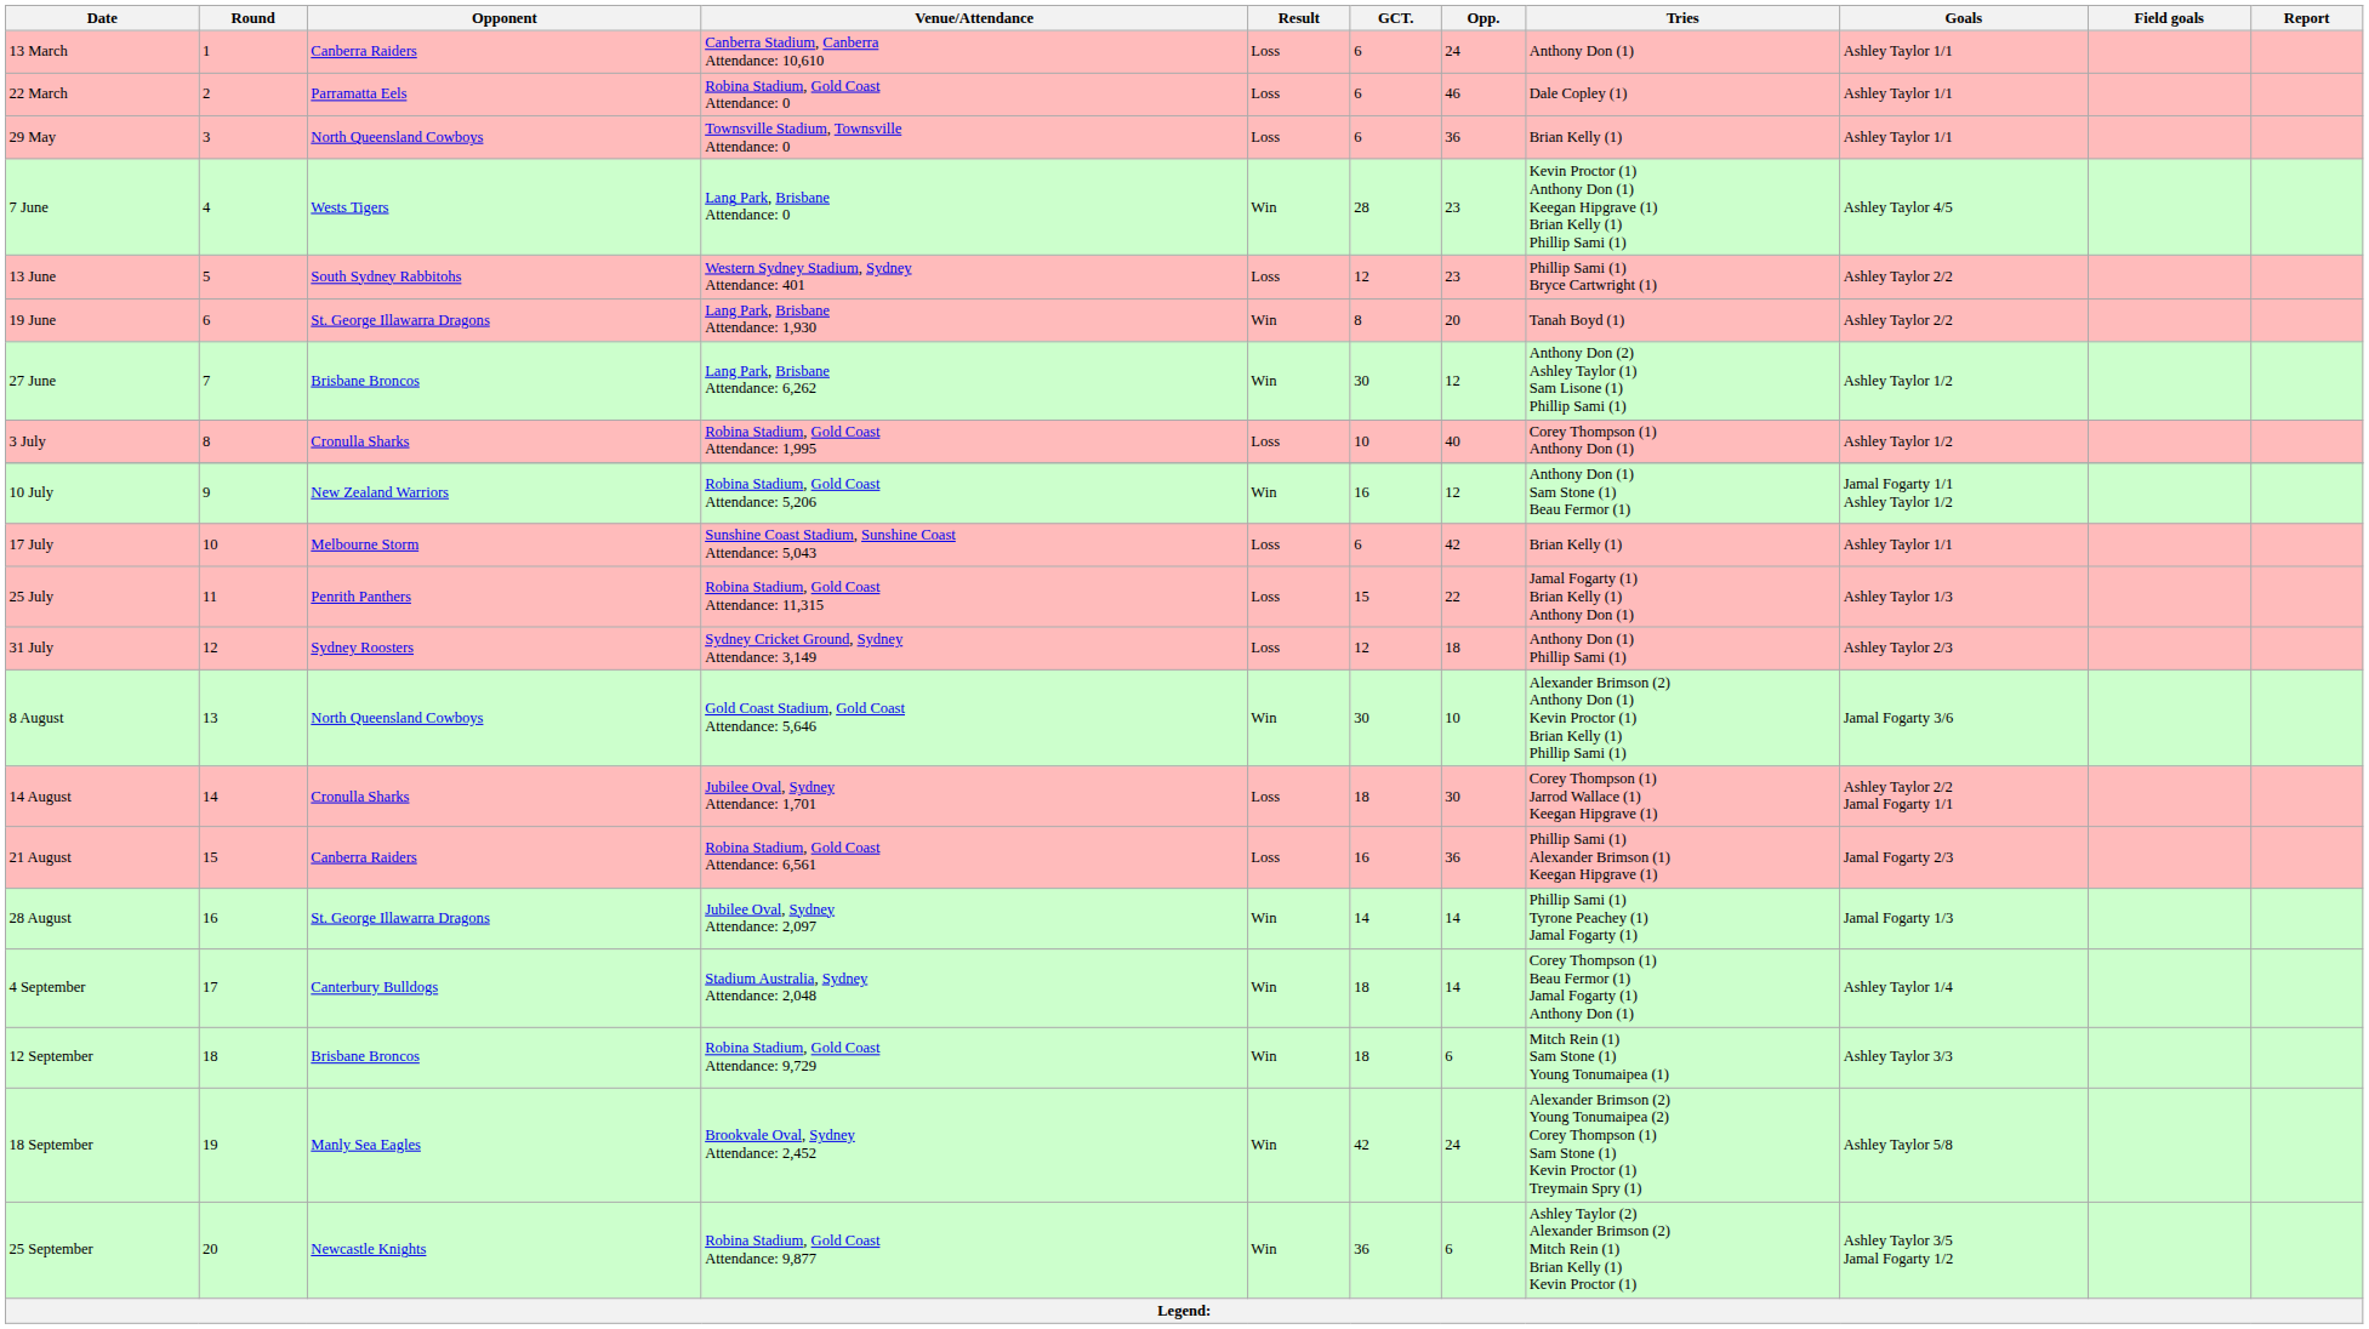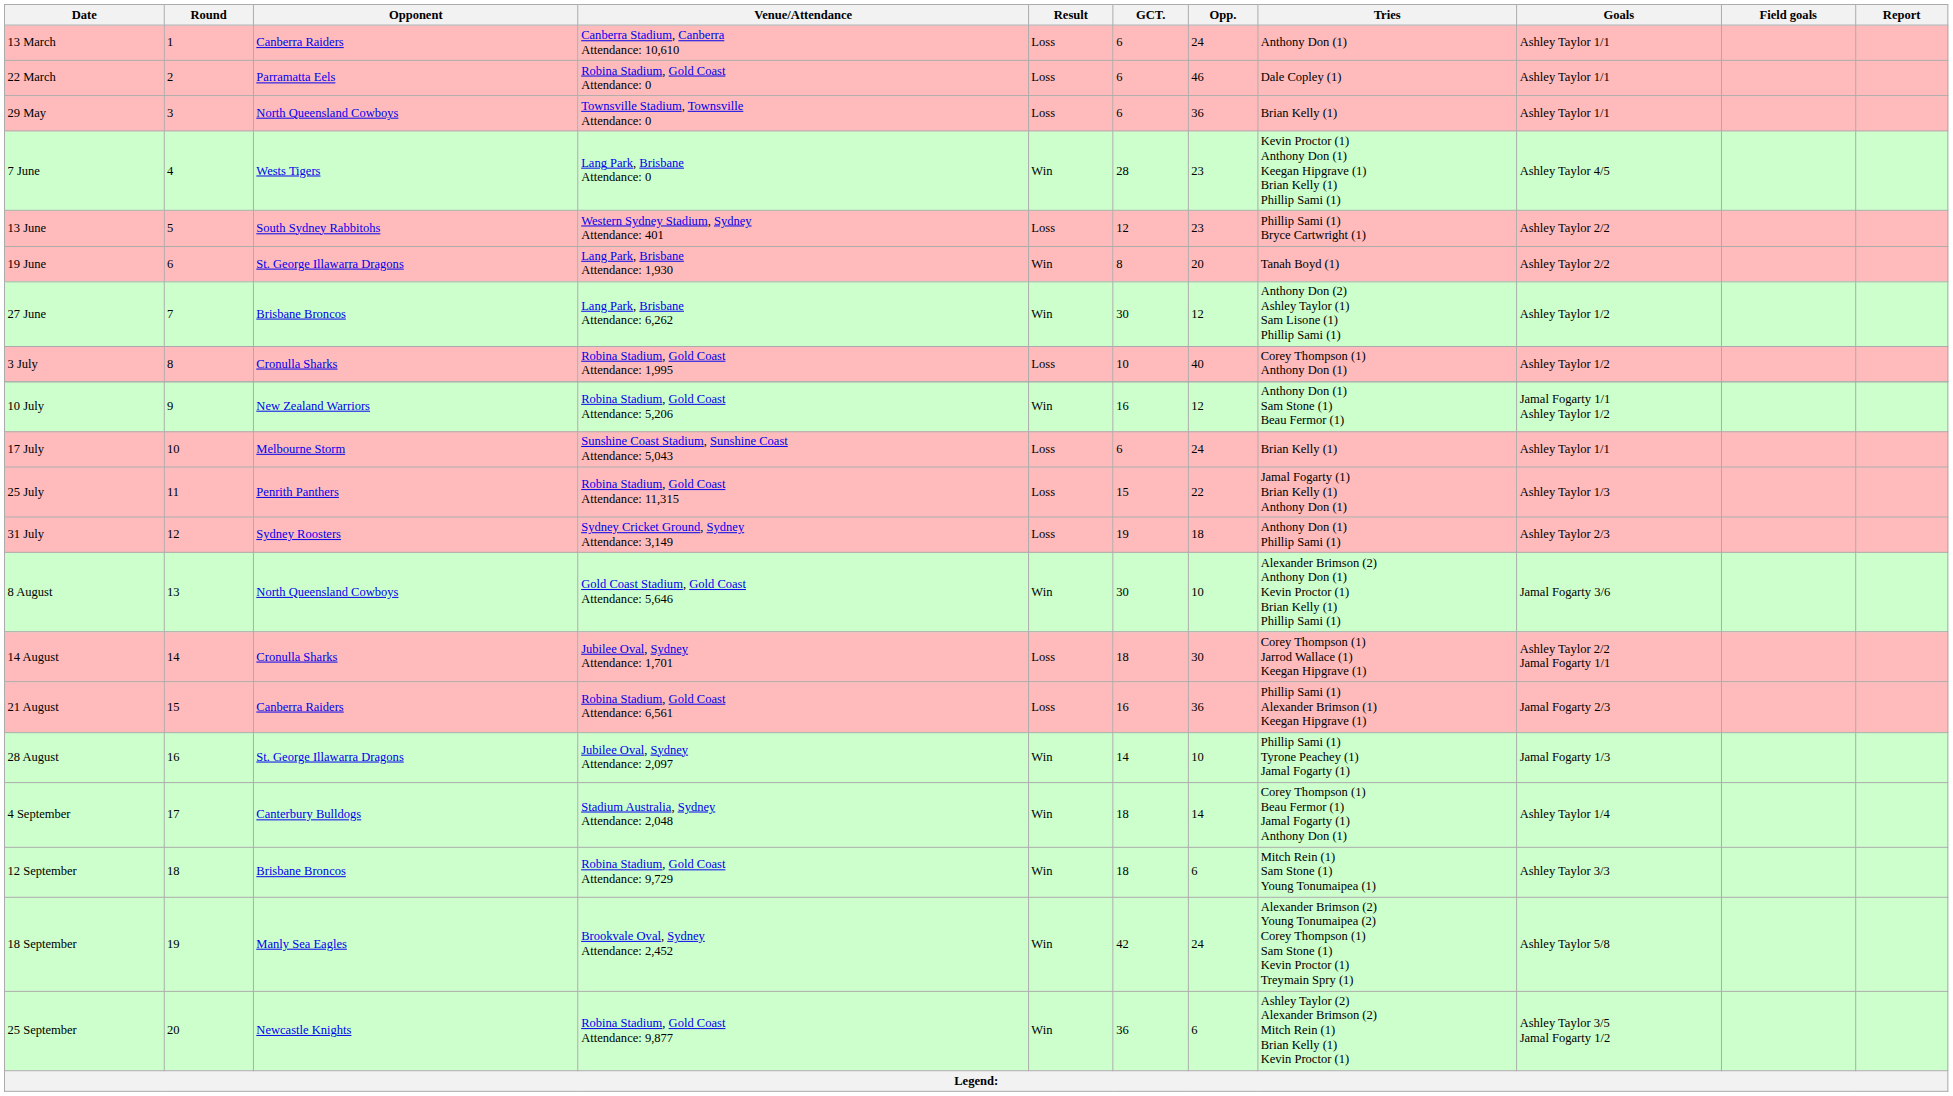 <table class="wikitable"  style="font-size:80%; width:100%;">
 <tr>
 <th>Date</th>
 <th>Round</th>
 <th>Opponent</th>
 <th>Venue/Attendance</th>
 <th>Result</th>
 <th>GCT.</th>
 <th>Opp.</th>
 <th>Tries</th>
 <th>Goals</th>
 <th>Field goals</th>
 <th>Report</th>
 </tr>
 <tr style="background:#FFBBBB">
 <td>13 March</td>
 <td>1</td>
 <td> <a href='#'>Canberra Raiders</a></td>
 <td><a href='#'>Canberra Stadium</a>, <a href='#'>Canberra</a><br>Attendance: 10,610</td>
 <td>Loss</td>
 <td>6</td>
 <td>24</td>
 <td>Anthony Don (1)</td>
 <td>Ashley Taylor 1/1</td>
 <td></td>
 <td></td>
 </tr>
 <tr style="background:#FFBBBB">
 <td>22 March</td>
 <td>2</td>
 <td> <a href='#'>Parramatta Eels</a></td>
 <td><a href='#'>Robina Stadium</a>, <a href='#'>Gold Coast</a><br>Attendance: 0</td>
 <td>Loss</td>
 <td>6</td>
 <td>46</td>
 <td>Dale Copley (1)</td>
 <td>Ashley Taylor 1/1</td>
 <td></td>
 <td></td>
 </tr>
 <tr style="background:#FFBBBB">
 <td>29 May</td>
 <td>3</td>
 <td> <a href='#'>North Queensland Cowboys</a></td>
 <td><a href='#'>Townsville Stadium</a>, <a href='#'>Townsville</a><br>Attendance: 0</td>
 <td>Loss</td>
 <td>6</td>
 <td>36</td>
 <td>Brian Kelly (1)</td>
 <td>Ashley Taylor 1/1</td>
 <td></td>
 <td></td>
 </tr>
 <tr style="background:#CCFFCC">
 <td>7 June</td>
 <td>4</td>
 <td> <a href='#'>Wests Tigers</a></td>
 <td><a href='#'>Lang Park</a>, <a href='#'>Brisbane</a><br>Attendance: 0</td>
 <td>Win</td>
 <td>28</td>
 <td>23</td>
 <td>Kevin Proctor (1)<br>Anthony Don (1)<br>Keegan Hipgrave (1)<br>Brian Kelly (1)<br>Phillip Sami (1)</td>
 <td>Ashley Taylor 4/5</td>
 <td></td>
 <td></td>
 </tr>
 <tr style="background:#FFBBBB">
 <td>13 June</td>
 <td>5</td>
 <td> <a href='#'>South Sydney Rabbitohs</a></td>
 <td><a href='#'>Western Sydney Stadium</a>, <a href='#'>Sydney</a><br>Attendance: 401</td>
 <td>Loss</td>
 <td>12</td>
 <td>23</td>
 <td>Phillip Sami (1)<br>Bryce Cartwright (1)</td>
 <td>Ashley Taylor 2/2</td>
 <td></td>
 <td></td>
 </tr>
 <tr style="background:#FFBBBB">
 <td>19 June</td>
 <td>6</td>
 <td> <a href='#'>St. George Illawarra Dragons</a></td>
 <td><a href='#'>Lang Park</a>, <a href='#'>Brisbane</a><br>Attendance: 1,930</td>
 <td>Win</td>
 <td>8</td>
 <td>20</td>
 <td>Tanah Boyd (1)</td>
 <td>Ashley Taylor 2/2</td>
 <td></td>
 <td></td>
 </tr>
 <tr style="background:#CCFFCC">
 <td>27 June</td>
 <td>7</td>
 <td> <a href='#'>Brisbane Broncos</a></td>
 <td><a href='#'>Lang Park</a>, <a href='#'>Brisbane</a><br>Attendance: 6,262</td>
 <td>Win</td>
 <td>30</td>
 <td>12</td>
 <td>Anthony Don (2)<br>Ashley Taylor (1)<br>Sam Lisone (1)<br>Phillip Sami (1)</td>
 <td>Ashley Taylor 1/2</td>
 <td></td>
 <td></td>
 </tr>
 <tr style="background:#FFBBBB">
 <td>3 July</td>
 <td>8</td>
 <td> <a href='#'>Cronulla Sharks</a></td>
 <td><a href='#'>Robina Stadium</a>, <a href='#'>Gold Coast</a><br>Attendance: 1,995</td>
 <td>Loss</td>
 <td>10</td>
 <td>40</td>
 <td>Corey Thompson (1)<br>Anthony Don (1)</td>
 <td>Ashley Taylor 1/2</td>
 <td></td>
 <td></td>
 </tr>
 <tr>
 </tr>
 <tr style="background:#CCFFCC">
 <td>10 July</td>
 <td>9</td>
 <td> <a href='#'>New Zealand Warriors</a></td>
 <td><a href='#'>Robina Stadium</a>, <a href='#'>Gold Coast</a><br>Attendance: 5,206</td>
 <td>Win</td>
 <td>16</td>
 <td>12</td>
 <td>Anthony Don (1)<br>Sam Stone (1)<br>Beau Fermor (1)</td>
 <td>Jamal Fogarty 1/1<br>Ashley Taylor 1/2</td>
 <td></td>
 <td></td>
 </tr>
 <tr style="background:#FFBBBB">
 <td>17 July</td>
 <td>10</td>
 <td> <a href='#'>Melbourne Storm</a></td>
 <td><a href='#'>Sunshine Coast Stadium</a>, <a href='#'>Sunshine Coast</a><br>Attendance: 5,043</td>
 <td>Loss</td>
 <td>6</td>
-<td>42</td>
+<td>24</td>
 <td>Brian Kelly (1)</td>
 <td>Ashley Taylor 1/1</td>
 <td></td>
 <td></td>
 </tr>
 <tr style="background:#FFBBBB">
 <td>25 July</td>
 <td>11</td>
 <td> <a href='#'>Penrith Panthers</a></td>
 <td><a href='#'>Robina Stadium</a>, <a href='#'>Gold Coast</a><br>Attendance: 11,315</td>
 <td>Loss</td>
 <td>15</td>
 <td>22</td>
 <td>Jamal Fogarty (1)<br>Brian Kelly (1)<br> Anthony Don (1)</td>
 <td>Ashley Taylor 1/3</td>
 <td></td>
 <td></td>
 </tr>
 <tr style="background:#FFBBBB">
 <td>31 July</td>
 <td>12</td>
 <td> <a href='#'>Sydney Roosters</a></td>
 <td><a href='#'>Sydney Cricket Ground</a>, <a href='#'>Sydney</a><br>Attendance: 3,149</td>
 <td>Loss</td>
-<td>12</td>
+<td>19</td>
 <td>18</td>
 <td>Anthony Don (1)<br>Phillip Sami  (1)</td>
 <td>Ashley Taylor 2/3</td>
 <td></td>
 <td></td>
 </tr>
 <tr style="background:#CCFFCC">
 <td>8 August</td>
 <td>13</td>
 <td> <a href='#'>North Queensland Cowboys</a></td>
 <td><a href='#'>Gold Coast Stadium</a>, <a href='#'>Gold Coast</a><br>Attendance: 5,646</td>
 <td>Win</td>
 <td>30</td>
 <td>10</td>
 <td>Alexander Brimson (2)<br>Anthony Don (1)<br>Kevin Proctor (1)<br>Brian Kelly (1)<br>Phillip Sami (1)</td>
 <td>Jamal Fogarty 3/6</td>
 <td></td>
 <td></td>
 </tr>
 <tr style="background:#FFBBBB">
 <td>14 August</td>
 <td>14</td>
 <td> <a href='#'>Cronulla Sharks</a></td>
 <td><a href='#'>Jubilee Oval</a>, <a href='#'>Sydney</a><br>Attendance: 1,701</td>
 <td>Loss</td>
 <td>18</td>
 <td>30</td>
 <td>Corey Thompson (1)<br>Jarrod Wallace (1)<br>Keegan Hipgrave (1)</td>
 <td>Ashley Taylor 2/2<br>Jamal Fogarty 1/1</td>
 <td></td>
 <td></td>
 </tr>
 <tr style="background:#FFBBBB">
 <td>21 August</td>
 <td>15</td>
 <td> <a href='#'>Canberra Raiders</a></td>
 <td><a href='#'>Robina Stadium</a>, <a href='#'>Gold Coast</a><br>Attendance: 6,561</td>
 <td>Loss</td>
 <td>16</td>
 <td>36</td>
 <td>Phillip Sami (1)<br>Alexander Brimson (1)<br>Keegan Hipgrave (1)</td>
 <td>Jamal Fogarty 2/3</td>
 <td></td>
 <td></td>
 </tr>
 <tr style="background:#CCFFCC">
 <td>28 August</td>
 <td>16</td>
 <td> <a href='#'>St. George Illawarra Dragons</a></td>
 <td><a href='#'>Jubilee Oval</a>, <a href='#'>Sydney</a><br>Attendance: 2,097</td>
 <td>Win</td>
 <td>14</td>
-<td>14</td>
+<td>10</td>
 <td>Phillip Sami (1)<br>Tyrone Peachey (1)<br> Jamal Fogarty (1)</td>
 <td>Jamal Fogarty 1/3</td>
 <td></td>
 <td></td>
 </tr>
 <tr style="background:#CCFFCC">
 <td>4 September</td>
 <td>17</td>
 <td> <a href='#'>Canterbury Bulldogs</a></td>
 <td><a href='#'>Stadium Australia</a>, <a href='#'>Sydney</a><br>Attendance: 2,048</td>
 <td>Win</td>
 <td>18</td>
 <td>14</td>
 <td>Corey Thompson (1)<br>Beau Fermor (1)<br>Jamal Fogarty (1)<br>Anthony Don (1)</td>
 <td>Ashley Taylor 1/4</td>
 <td></td>
 <td></td>
 </tr>
 <tr style="background:#CCFFCC">
 <td>12 September</td>
 <td>18</td>
 <td> <a href='#'>Brisbane Broncos</a></td>
 <td><a href='#'>Robina Stadium</a>, <a href='#'>Gold Coast</a><br>Attendance: 9,729</td>
 <td>Win</td>
 <td>18</td>
 <td>6</td>
 <td>Mitch Rein (1)<br>Sam Stone (1)<br>Young Tonumaipea (1)</td>
 <td>Ashley Taylor 3/3</td>
 <td></td>
 <td></td>
 </tr>
 <tr style="background:#CCFFCC">
 <td>18 September</td>
 <td>19</td>
 <td> <a href='#'>Manly Sea Eagles</a></td>
 <td><a href='#'>Brookvale Oval</a>, <a href='#'>Sydney</a><br>Attendance: 2,452</td>
 <td>Win</td>
 <td>42</td>
 <td>24</td>
 <td>Alexander Brimson (2)<br>Young Tonumaipea (2)<br>Corey Thompson (1)<br>Sam Stone (1)<br>Kevin Proctor (1)<br>Treymain Spry (1)</td>
 <td>Ashley Taylor 5/8</td>
 <td></td>
 <td></td>
 </tr>
 <tr style="background:#CCFFCC">
 <td>25 September</td>
 <td>20</td>
 <td> <a href='#'>Newcastle Knights</a></td>
 <td><a href='#'>Robina Stadium</a>, <a href='#'>Gold Coast</a><br>Attendance: 9,877</td>
 <td>Win</td>
 <td>36</td>
 <td>6</td>
 <td>Ashley Taylor (2)<br>Alexander Brimson (2)<br>Mitch Rein (1)<br>Brian Kelly (1)<br> Kevin Proctor (1)</td>
 <td>Ashley Taylor 3/5<br>Jamal Fogarty 1/2</td>
 <td></td>
 <td></td>
 </tr>
 <tr>
 <th colspan="11"><strong>Legend</strong>:<br>   </th>
 </tr>
 </table>
